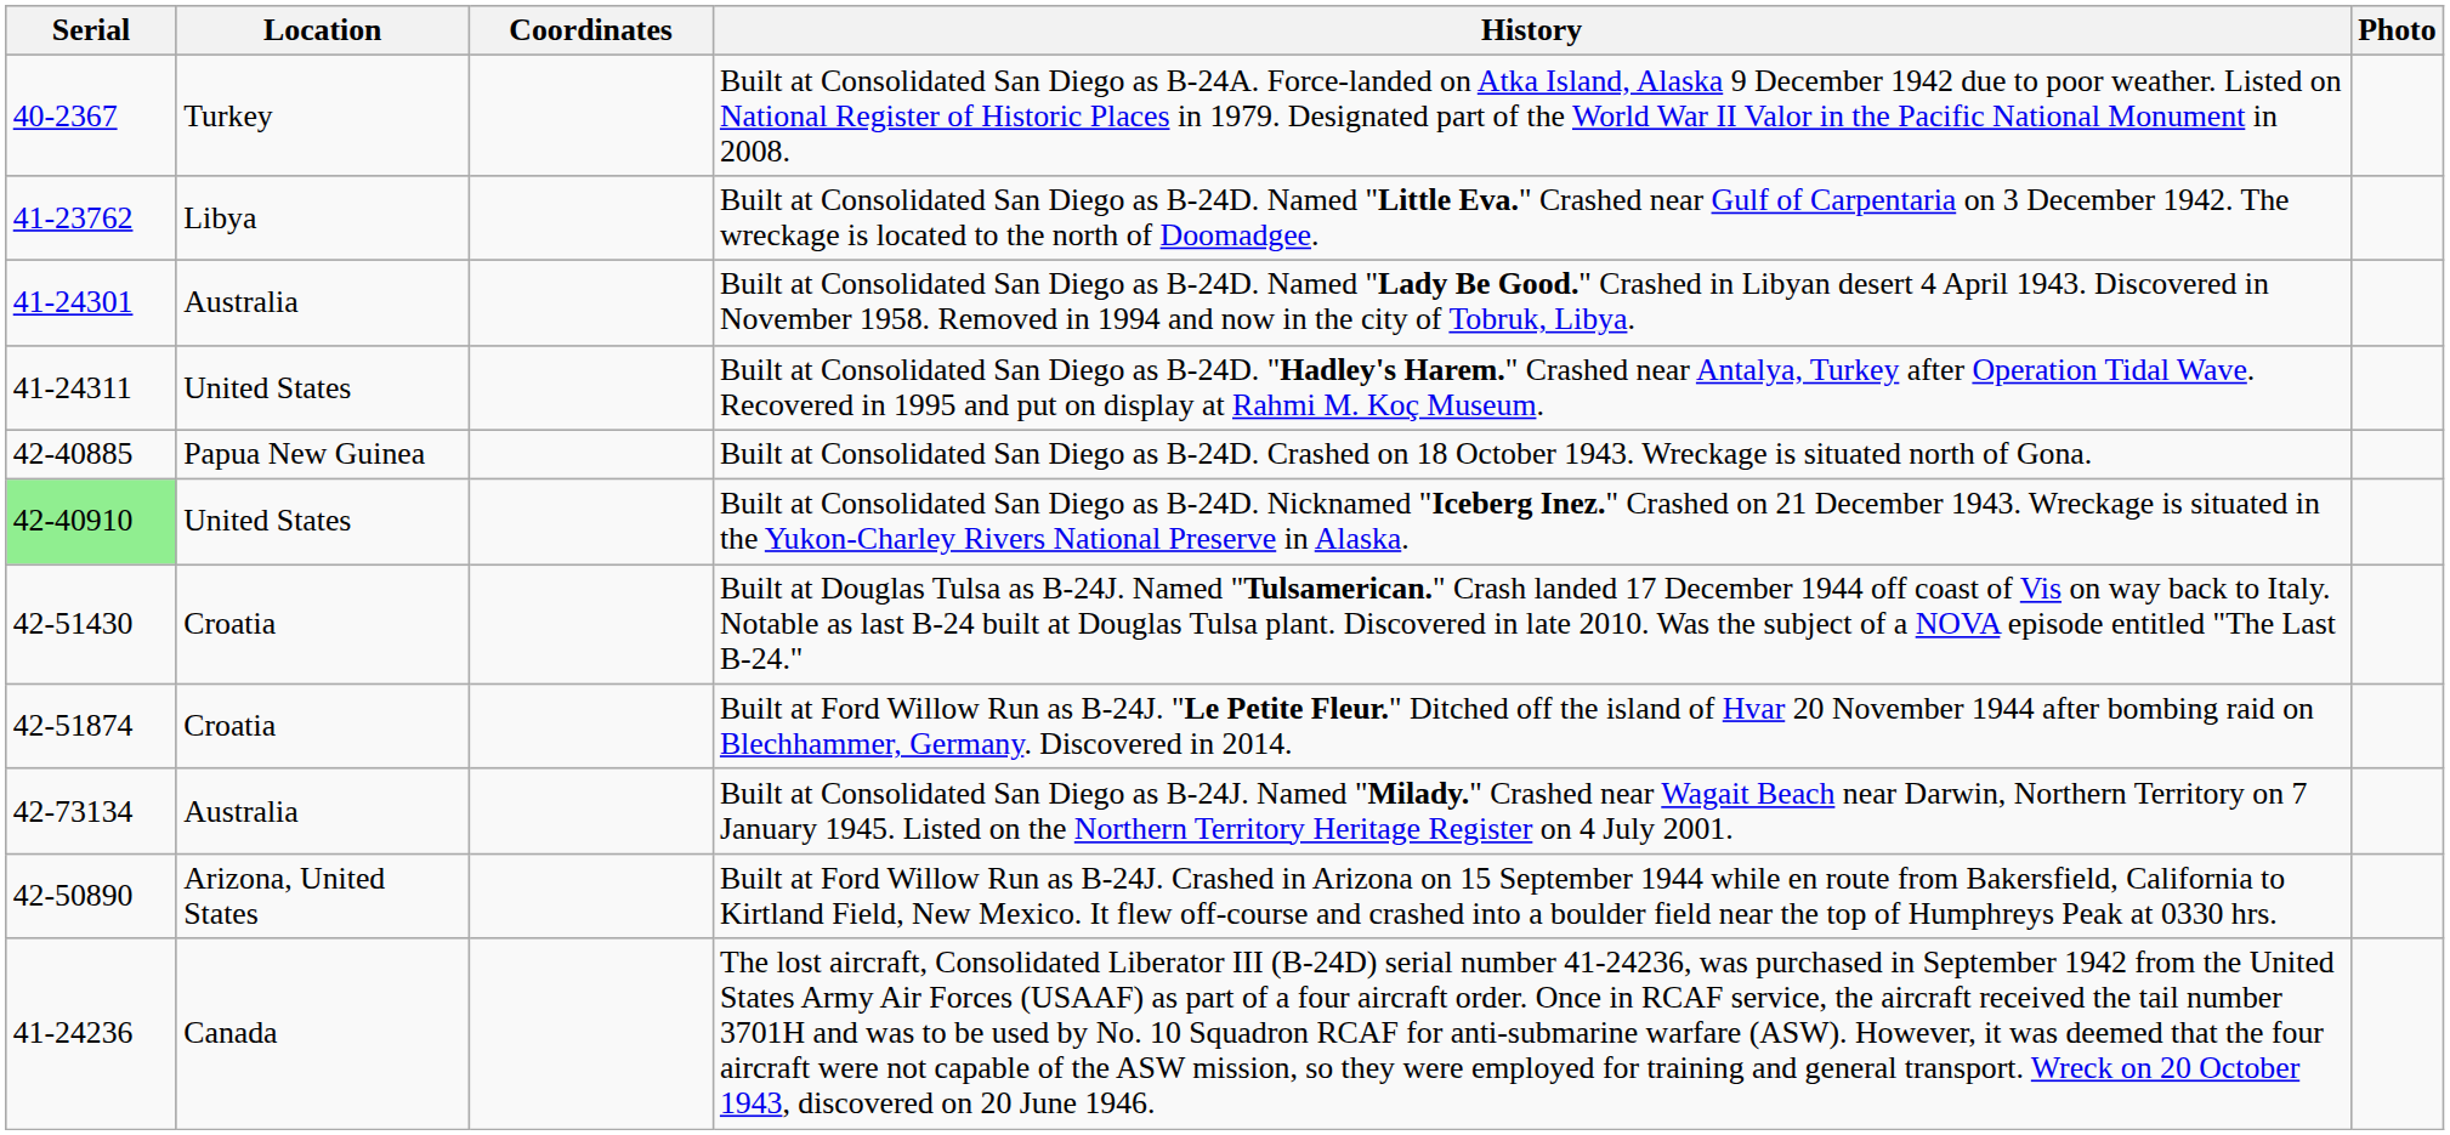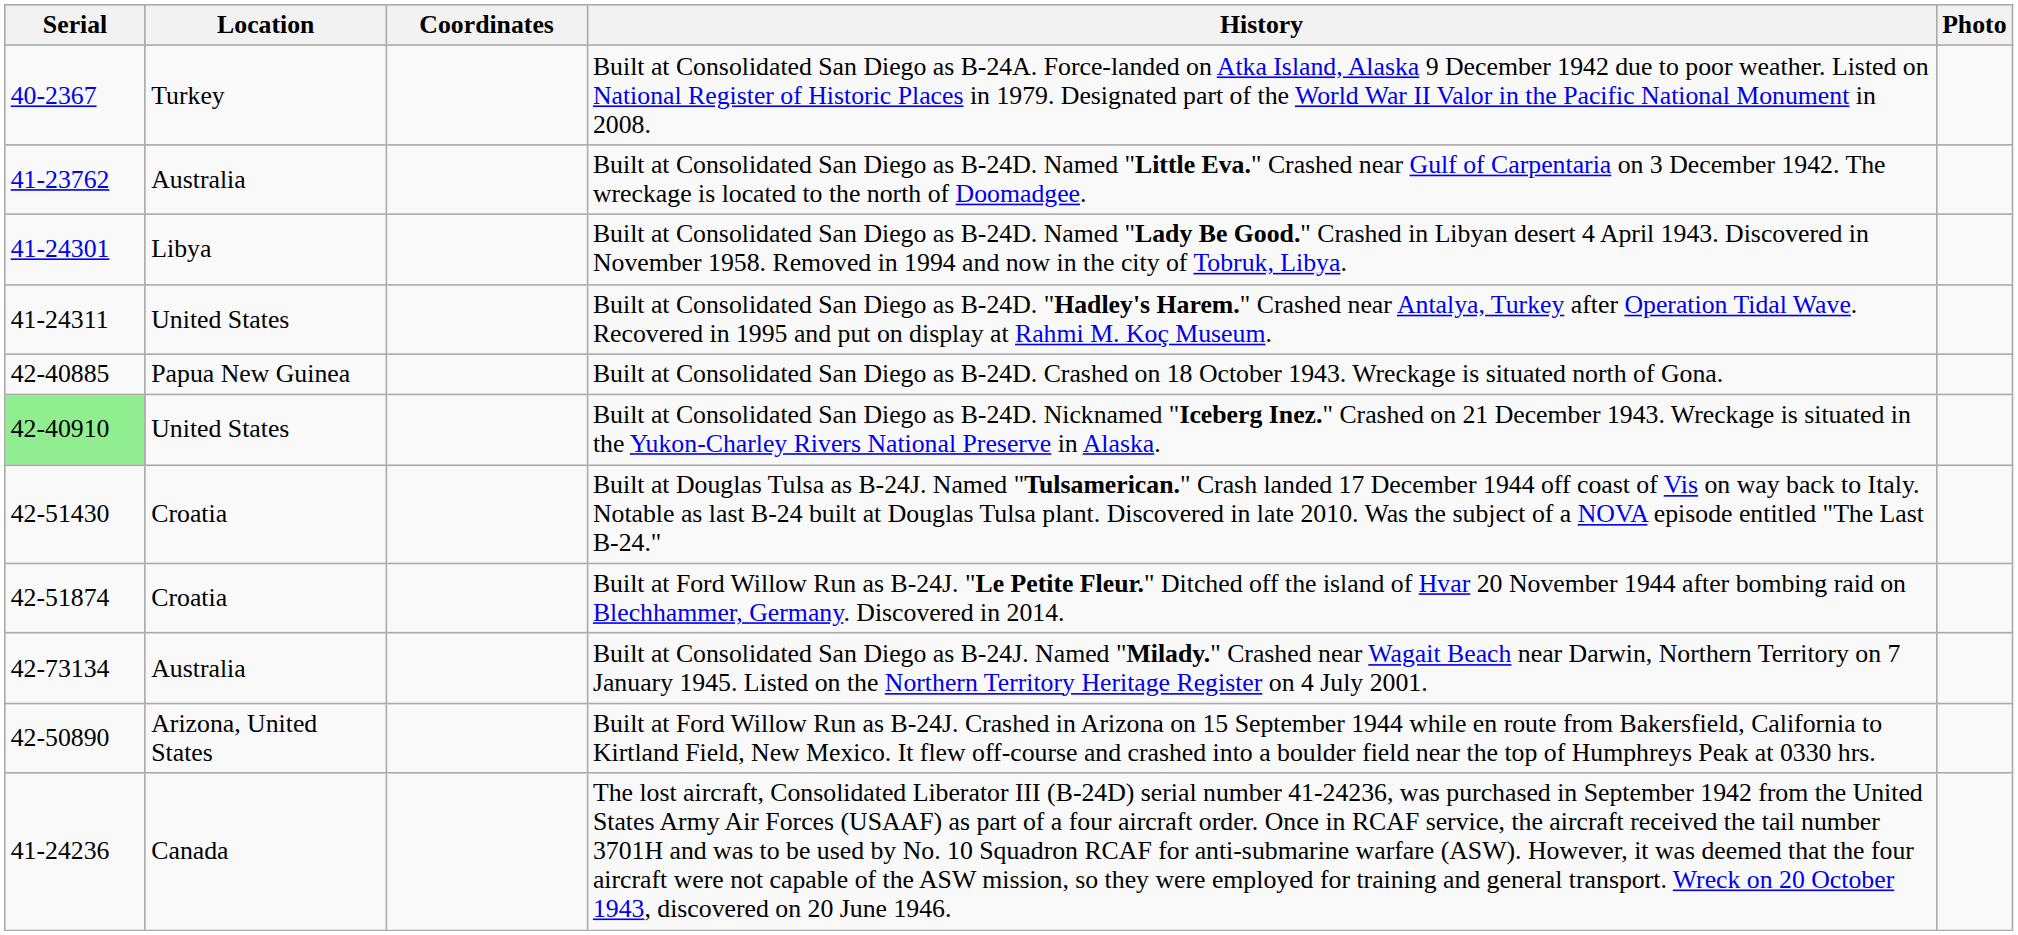 <table class="wikitable sortable">
 <tr>
 <th width="7%">Serial</th>
 <th width="12%">Location</th>
 <th width="10%">Coordinates</th>
 <th>History</th>
 <th>Photo</th>
 </tr>
 <tr>
 <td><a href='#'>40-2367</a></td>
 <td>Turkey</td>
 <td><small></small></td>
 <td>Built at Consolidated San Diego as B-24A. Force-landed on <a href='#'>Atka Island, Alaska</a> 9 December 1942 due to poor weather. Listed on <a href='#'>National Register of Historic Places</a> in 1979. Designated part of the <a href='#'>World War II Valor in the Pacific National Monument</a> in 2008.</td>
 <td></td>
 </tr>
 <tr>
 <td><a href='#'>41-23762</a></td>
-<td>Libya</td>
+<td>Australia</td>
 <td><small></small></td>
 <td>Built at Consolidated San Diego as B-24D. Named "<strong>Little Eva.</strong>" Crashed near <a href='#'>Gulf of Carpentaria</a> on 3 December 1942.  The wreckage is located to the north of <a href='#'>Doomadgee</a>.</td>
 </tr>
 <tr>
 <td><a href='#'>41-24301</a></td>
-<td>Australia</td>
+<td>Libya</td>
 <td><small></small></td>
 <td>Built at Consolidated San Diego as B-24D. Named "<strong>Lady Be Good.</strong>" Crashed in Libyan desert 4 April 1943. Discovered in November 1958. Removed in 1994 and now in the city of <a href='#'>Tobruk, Libya</a>.</td>
 <td></td>
 </tr>
 <tr>
 <td>41-24311</td>
 <td>United States</td>
 <td><small></small></td>
 <td>Built at Consolidated San Diego as B-24D. "<strong>Hadley's Harem.</strong>" Crashed near <a href='#'>Antalya, Turkey</a> after <a href='#'>Operation Tidal Wave</a>. Recovered in 1995 and put on display at <a href='#'>Rahmi M. Koç Museum</a>.</td>
 <td></td>
 </tr>
 <tr>
 <td>42-40885</td>
 <td>Papua New Guinea</td>
 <td><small></small></td>
 <td>Built at Consolidated San Diego as B-24D. Crashed on 18 October 1943. Wreckage is situated north of Gona.</td>
 <td></td>
 </tr>
 <tr>
 <td style="background: lightgreen;">42-40910</td>
 <td>United States</td>
 <td><small></small></td>
 <td>Built at Consolidated San Diego as B-24D. Nicknamed "<strong>Iceberg Inez.</strong>"  Crashed on 21 December 1943. Wreckage is situated in the <a href='#'>Yukon-Charley Rivers National Preserve</a> in <a href='#'>Alaska</a>.</td>
 <td></td>
 </tr>
 <tr>
 <td>42-51430</td>
 <td>Croatia</td>
 <td><small></small></td>
 <td>Built at Douglas Tulsa as B-24J. Named "<strong>Tulsamerican.</strong>" Crash landed 17 December 1944 off coast of <a href='#'>Vis</a> on way back to Italy. Notable as last B-24 built at Douglas Tulsa plant. Discovered in late 2010. Was the subject of a <a href='#'>NOVA</a> episode entitled "The Last B-24."</td>
 <td></td>
 </tr>
 <tr>
 <td>42-51874</td>
 <td>Croatia</td>
 <td><small></small></td>
 <td>Built at Ford Willow Run as B-24J. "<strong>Le Petite Fleur.</strong>" Ditched off the island of <a href='#'>Hvar</a> 20 November 1944 after bombing raid on <a href='#'>Blechhammer, Germany</a>. Discovered in 2014.</td>
 <td></td>
 </tr>
 <tr>
 <td>42-73134</td>
 <td>Australia</td>
 <td><small></small></td>
 <td>Built at Consolidated San Diego as B-24J. Named "<strong>Milady.</strong>" Crashed near <a href='#'>Wagait Beach</a> near Darwin, Northern Territory on 7 January 1945. Listed on the <a href='#'>Northern Territory Heritage Register</a> on 4 July 2001.</td>
 <td></td>
 </tr>
 <tr>
 <td>42-50890</td>
 <td>Arizona, United States</td>
 <td><small></small></td>
 <td>Built at Ford Willow Run as B-24J. Crashed in Arizona on 15 September 1944 while en route from Bakersfield, California to Kirtland Field, New Mexico. It flew off-course and crashed into a boulder field near the top of Humphreys Peak at 0330 hrs.</td>
 <td></td>
 </tr>
 <tr>
 <td>41-24236</td>
 <td>Canada</td>
 <td><small></small></td>
 <td>The lost aircraft, Consolidated Liberator III (B-24D) serial number 41-24236, was purchased in September 1942 from the United States Army Air Forces (USAAF) as part of a four aircraft order. Once in RCAF service, the aircraft received the tail number 3701H and was to be used by No. 10 Squadron RCAF for anti-submarine warfare (ASW). However, it was deemed that the four aircraft were not capable of the ASW mission, so they were employed for training and general transport. <a href='#'>Wreck on 20 October 1943</a>, discovered on 20 June 1946.</td>
 </tr>
 </table>
